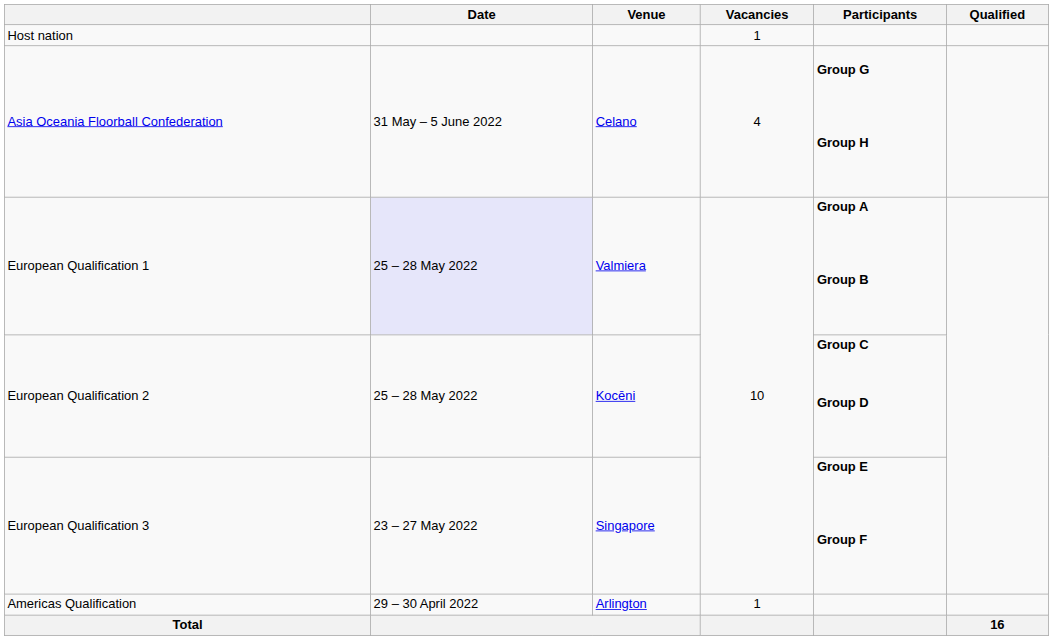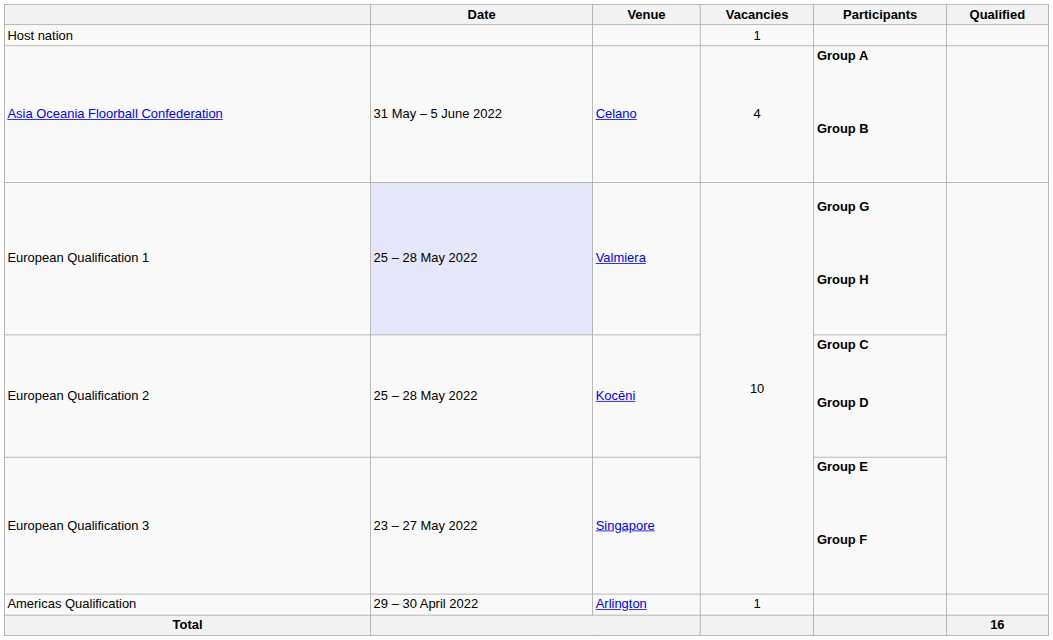 <table class="wikitable" width="65%">
 <tr>
 <th></th>
 <th>Date</th>
 <th>Venue</th>
 <th>Vacancies</th>
 <th>Participants</th>
 <th>Qualified</th>
 </tr>
 <tr>
 <td>Host nation</td>
 <td></td>
 <td></td>
 <td align="center">1</td>
 <td></td>
 <td align="center"></td>
 </tr>
 <tr>
 <td><a href='#'>Asia Oceania Floorball Confederation</a></td>
 <td>31 May – 5 June 2022</td>
 <td> <a href='#'>Celano</a></td>
 <td align="center">4</td>
-<td><br><strong>Group G</strong><br><br><br><br><br><strong>Group H</strong><br><br><br><br></td>
+<td><strong>Group A</strong><br><br><br><br><br><strong>Group B</strong><br> <br><br><br></td>
 <td align="center"><br><br><br></td>
 </tr>
 <tr>
 <td>European Qualification 1</td>
 <td style="background: lavender;">25 – 28 May 2022</td>
 <td> <a href='#'>Valmiera</a></td>
 <td rowspan="3" align="center">10</td>
-<td><strong>Group A</strong><br><br><br><br><br><strong>Group B</strong><br> <br><br><br></td>
+<td><br><strong>Group G</strong><br><br><br><br><br><strong>Group H</strong><br><br><br><br></td>
 <td rowspan="3" align="center"><br><br><br><br><br><br><br><br><br></td>
 </tr>
 <tr>
 <td>European Qualification 2</td>
 <td>25 – 28 May 2022</td>
 <td> <a href='#'>Kocēni</a></td>
 <td><strong>Group C</strong><br><br><br><br><strong>Group D</strong><br><br><br><br></td>
 </tr>
 <tr>
 <td>European Qualification 3</td>
 <td>23 – 27 May 2022</td>
 <td> <a href='#'>Singapore</a></td>
 <td><strong>Group E</strong><br><br><br><br><br><strong>Group F</strong><br><br><br><br></td>
 </tr>
 <tr>
 <td>Americas Qualification</td>
 <td>29 – 30 April 2022</td>
 <td> <a href='#'>Arlington</a></td>
 <td align="center">1</td>
 <td><br></td>
 <td align="center"></td>
 </tr>
 <tr>
 <th>Total</th>
 <th colspan="2"></th>
 <th></th>
 <th></th>
 <th>16</th>
 </tr>
 </table>
